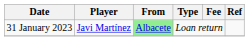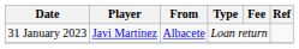 <table class="wikitable">
 <tr>
 <th>Date</th>
 <th>Player</th>
 <th>From</th>
 <th>Type</th>
 <th>Fee</th>
 <th>Ref</th>
 </tr>
 <tr>
 <td>31 January 2023</td>
 <td> <a href='#'>Javi Martínez</a></td>
-<td style="background: lightgreen;"><a href='#'>Albacete</a></td>
+<td><a href='#'>Albacete</a></td>
 <td colspan=2 align=center><em>Loan return</em></td>
 <td align=center></td>
 </tr>
 <tr>
 </tr>
 </table>
